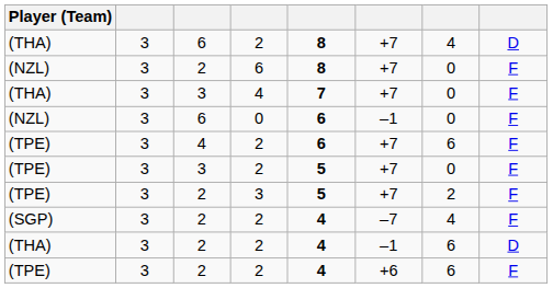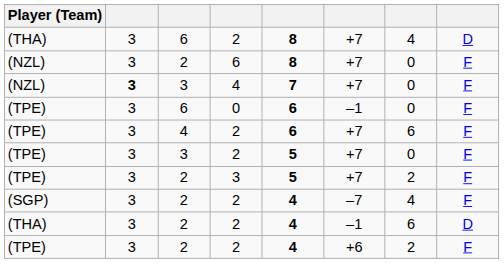 <table class="wikitable sortable" style="text-align:center;">
 <tr>
 <th>Player (Team)</th>
 <th width="50px"></th>
 <th width="50px"></th>
 <th width="50px"></th>
 <th width="60px"></th>
 <th width="60px"></th>
 <th width="50px"></th>
 <th width="60px"></th>
 </tr>
 <tr>
 <td align=left>  (THA)</td>
 <td>3</td>
 <td>6</td>
 <td>2</td>
 <td><strong>8</strong></td>
 <td>+7</td>
 <td>4</td>
 <td><a href='#'>D</a></td>
 </tr>
 <tr>
 <td align=left>  (NZL)</td>
 <td>3</td>
 <td>2</td>
 <td>6</td>
 <td><strong>8</strong></td>
 <td>+7</td>
 <td>0</td>
 <td><a href='#'>F</a></td>
 </tr>
 <tr>
-<td align=left>  (THA)</td>
-<td>3</td>
+<td align=left>  (NZL)</td>
+<td><strong>3</strong></td>
 <td>3</td>
 <td>4</td>
 <td><strong>7</strong></td>
 <td>+7</td>
 <td>0</td>
 <td><a href='#'>F</a></td>
 </tr>
 <tr>
-<td align=left>  (NZL)</td>
+<td align=left>  (TPE)</td>
 <td>3</td>
 <td>6</td>
 <td>0</td>
 <td><strong>6</strong></td>
 <td>–1</td>
 <td>0</td>
 <td><a href='#'>F</a></td>
 </tr>
 <tr>
 <td align=left>  (TPE)</td>
 <td>3</td>
 <td>4</td>
 <td>2</td>
 <td><strong>6</strong></td>
 <td>+7</td>
 <td>6</td>
 <td><a href='#'>F</a></td>
 </tr>
 <tr>
 <td align=left>  (TPE)</td>
 <td>3</td>
 <td>3</td>
 <td>2</td>
 <td><strong>5</strong></td>
 <td>+7</td>
 <td>0</td>
 <td><a href='#'>F</a></td>
 </tr>
 <tr>
 <td align=left>  (TPE)</td>
 <td>3</td>
 <td>2</td>
 <td>3</td>
 <td><strong>5</strong></td>
 <td>+7</td>
 <td>2</td>
 <td><a href='#'>F</a></td>
 </tr>
 <tr>
 <td align=left>  (SGP)</td>
 <td>3</td>
 <td>2</td>
 <td>2</td>
 <td><strong>4</strong></td>
 <td>–7</td>
 <td>4</td>
 <td><a href='#'>F</a></td>
 </tr>
 <tr>
 <td align=left>  (THA)</td>
 <td>3</td>
 <td>2</td>
 <td>2</td>
 <td><strong>4</strong></td>
 <td>–1</td>
 <td>6</td>
 <td><a href='#'>D</a></td>
 </tr>
 <tr>
 <td align=left>  (TPE)</td>
 <td>3</td>
 <td>2</td>
 <td>2</td>
 <td><strong>4</strong></td>
 <td>+6</td>
-<td>6</td>
+<td>2</td>
 <td><a href='#'>F</a></td>
 </tr>
 </table>
